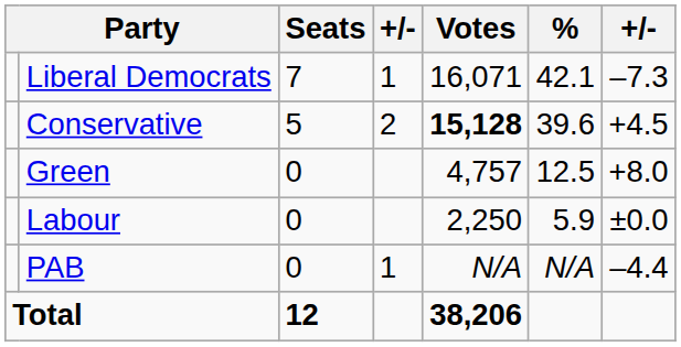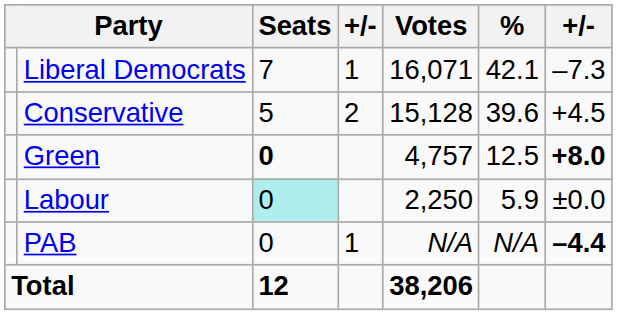 <table class="wikitable sortable">
 <tr>
 <th colspan="2">Party</th>
 <th>Seats</th>
 <th>+/-</th>
 <th>Votes</th>
 <th>%</th>
 <th>+/-</th>
 </tr>
 <tr>
 <td style="background-color: "></td>
 <td><a href='#'>Liberal Democrats</a></td>
 <td>7</td>
 <td> 1</td>
 <td style="text-align:right;">16,071</td>
 <td style="text-align:right;">42.1</td>
 <td style="text-align:right;">–7.3</td>
 </tr>
 <tr>
 <td style="background-color: "></td>
 <td><a href='#'>Conservative</a></td>
 <td>5</td>
 <td> 2</td>
-<td style="text-align:right;"><strong>15,128</strong></td>
+<td style="text-align:right;">15,128</td>
 <td style="text-align:right;">39.6</td>
 <td style="text-align:right;">+4.5</td>
 </tr>
 <tr>
 <td style="background-color: "></td>
 <td><a href='#'>Green</a></td>
-<td>0</td>
+<td><strong>0</strong></td>
 <td></td>
 <td style="text-align:right;">4,757</td>
 <td style="text-align:right;">12.5</td>
-<td style="text-align:right;">+8.0</td>
+<td style="text-align:right;"><strong>+8.0</strong></td>
 </tr>
 <tr>
 <td style="background-color: "></td>
 <td><a href='#'>Labour</a></td>
-<td>0</td>
+<td style="background: paleturquoise;">0</td>
 <td></td>
 <td style="text-align:right;">2,250</td>
 <td style="text-align:right;">5.9</td>
 <td style="text-align:right;">±0.0</td>
 </tr>
 <tr>
 <td style="background-color: "></td>
 <td><a href='#'>PAB</a></td>
 <td>0</td>
 <td> 1</td>
 <td style="text-align:right;"><em>N/A</em></td>
 <td style="text-align:right;"><em>N/A</em></td>
-<td style="text-align:right;">–4.4</td>
+<td style="text-align:right;"><strong>–4.4</strong></td>
 </tr>
 <tr>
 <td colspan="2"><strong>Total</strong></td>
 <td><strong>12</strong></td>
 <td></td>
 <td style="text-align:right;"><strong>38,206</strong></td>
 <td style="text-align:right;"></td>
 <td style="text-align:right;"></td>
 </tr>
 </table>
